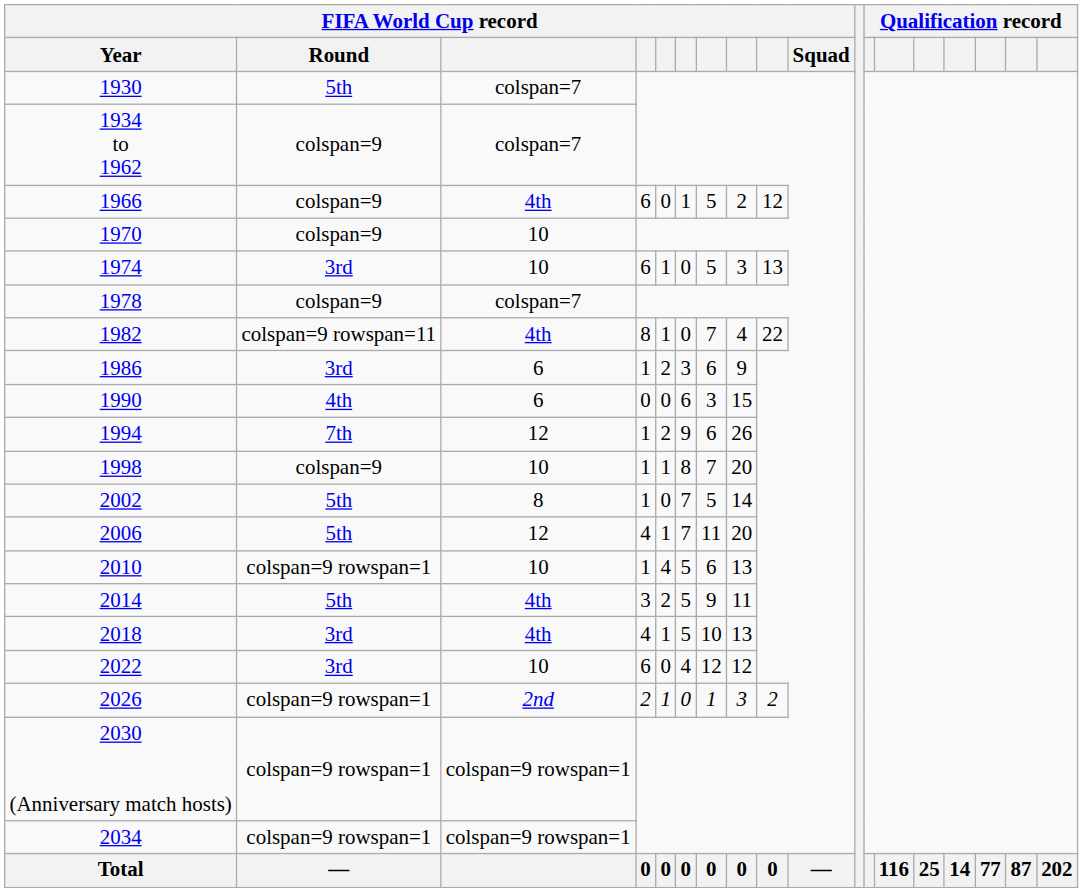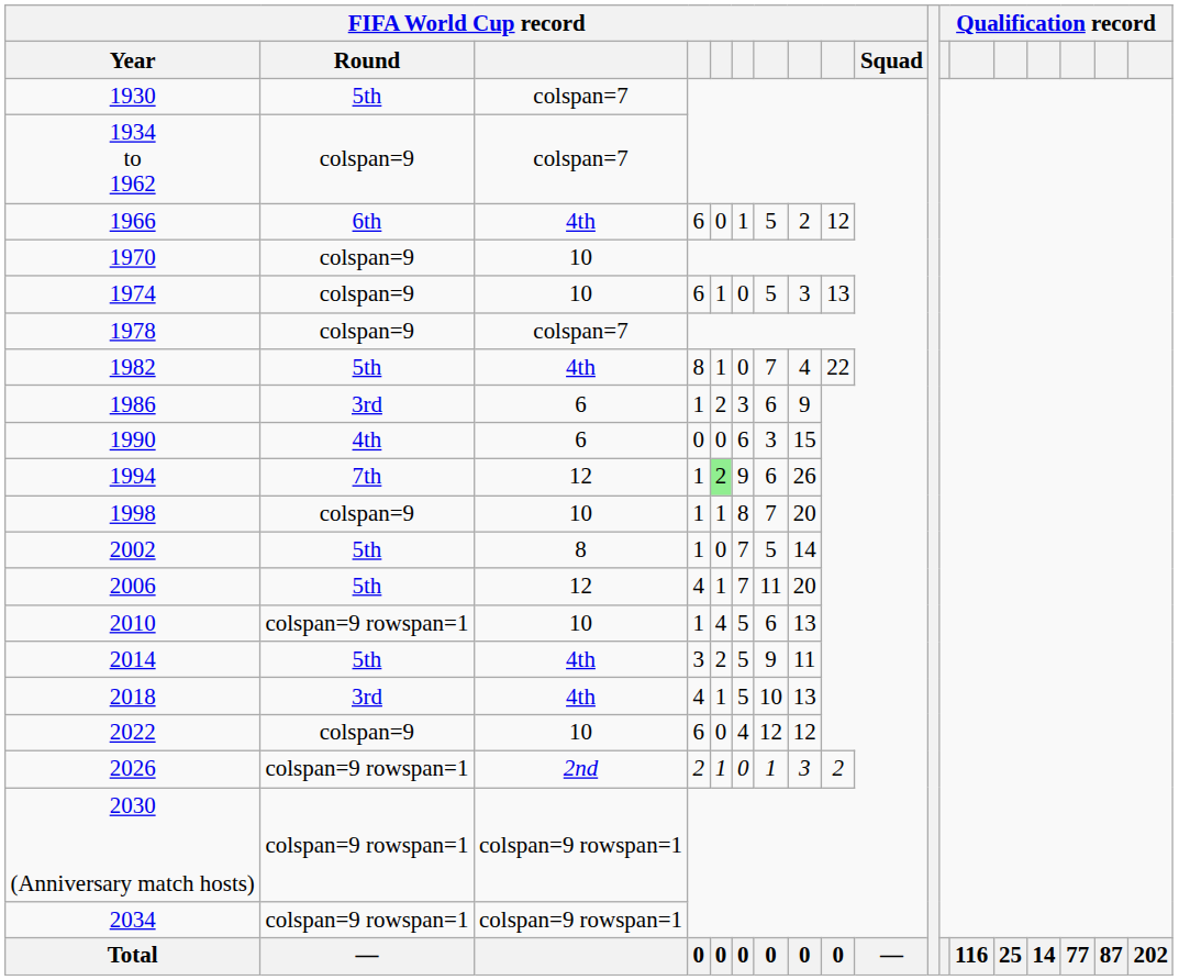 <table class="wikitable" style="text-align:center;">
 <tr>
 <th colspan=10><a href='#'>FIFA World Cup</a> record</th>
 <th rowspan=23></th>
 <th colspan=8><a href='#'>Qualification</a> record</th>
 </tr>
 <tr>
 <th>Year</th>
 <th>Round</th>
 <th></th>
 <th></th>
 <th></th>
 <th></th>
 <th></th>
 <th></th>
 <th></th>
 <th>Squad</th>
 <th></th>
 <th></th>
 <th></th>
 <th></th>
 <th></th>
 <th></th>
 <th></th>
 </tr>
 <tr>
 <td> <a href='#'>1930</a></td>
 <td><a href='#'>5th</a></td>
 <td>colspan=7 </td>
 </tr>
 <tr>
 <td><a href='#'>1934</a><br>to<br><a href='#'>1962</a></td>
 <td>colspan=9 </td>
 <td>colspan=7 </td>
 </tr>
 <tr>
 <td> <a href='#'>1966</a></td>
-<td>colspan=9 </td>
+<td><a href='#'>6th</a></td>
 <td><a href='#'>4th</a></td>
 <td>6</td>
 <td>0</td>
 <td>1</td>
 <td>5</td>
 <td>2</td>
 <td>12</td>
 </tr>
 <tr>
 <td> <a href='#'>1970</a></td>
 <td>colspan=9 </td>
 <td>10</td>
 </tr>
 <tr>
 <td> <a href='#'>1974</a></td>
-<td><a href='#'>3rd</a></td>
+<td>colspan=9 </td>
 <td>10</td>
 <td>6</td>
 <td>1</td>
 <td>0</td>
 <td>5</td>
 <td>3</td>
 <td>13</td>
 </tr>
 <tr>
 <td> <a href='#'>1978</a></td>
 <td>colspan=9 </td>
 <td>colspan=7 </td>
 </tr>
 <tr>
 <td> <a href='#'>1982</a></td>
-<td>colspan=9 rowspan=11 </td>
+<td><a href='#'>5th</a></td>
 <td><a href='#'>4th</a></td>
 <td>8</td>
 <td>1</td>
 <td>0</td>
 <td>7</td>
 <td>4</td>
 <td>22</td>
 </tr>
 <tr>
 <td> <a href='#'>1986</a></td>
 <td><a href='#'>3rd</a></td>
 <td>6</td>
 <td>1</td>
 <td>2</td>
 <td>3</td>
 <td>6</td>
 <td>9</td>
 </tr>
 <tr>
 <td> <a href='#'>1990</a></td>
 <td><a href='#'>4th</a></td>
 <td>6</td>
 <td>0</td>
 <td>0</td>
 <td>6</td>
 <td>3</td>
 <td>15</td>
 </tr>
 <tr>
 <td> <a href='#'>1994</a></td>
 <td><a href='#'>7th</a></td>
 <td>12</td>
 <td>1</td>
-<td>2</td>
+<td style="background: lightgreen;">2</td>
 <td>9</td>
 <td>6</td>
 <td>26</td>
 </tr>
 <tr>
 <td> <a href='#'>1998</a></td>
 <td>colspan=9 </td>
 <td>10</td>
 <td>1</td>
 <td>1</td>
 <td>8</td>
 <td>7</td>
 <td>20</td>
 </tr>
 <tr>
 <td>  <a href='#'>2002</a></td>
 <td><a href='#'>5th</a></td>
 <td>8</td>
 <td>1</td>
 <td>0</td>
 <td>7</td>
 <td>5</td>
 <td>14</td>
 </tr>
 <tr>
 <td> <a href='#'>2006</a></td>
 <td><a href='#'>5th</a></td>
 <td>12</td>
 <td>4</td>
 <td>1</td>
 <td>7</td>
 <td>11</td>
 <td>20</td>
 </tr>
 <tr>
 <td> <a href='#'>2010</a></td>
 <td>colspan=9 rowspan=1 </td>
 <td>10</td>
 <td>1</td>
 <td>4</td>
 <td>5</td>
 <td>6</td>
 <td>13</td>
 </tr>
 <tr>
 <td> <a href='#'>2014</a></td>
 <td><a href='#'>5th</a></td>
 <td><a href='#'>4th</a></td>
 <td>3</td>
 <td>2</td>
 <td>5</td>
 <td>9</td>
 <td>11</td>
 </tr>
 <tr>
 <td> <a href='#'>2018</a></td>
 <td><a href='#'>3rd</a></td>
 <td><a href='#'>4th</a></td>
 <td>4</td>
 <td>1</td>
 <td>5</td>
 <td>10</td>
 <td>13</td>
 </tr>
 <tr>
 <td> <a href='#'>2022</a></td>
-<td><a href='#'>3rd</a></td>
+<td>colspan=9 </td>
 <td>10</td>
 <td>6</td>
 <td>0</td>
 <td>4</td>
 <td>12</td>
 <td>12</td>
 </tr>
 <tr>
 <td>   <a href='#'>2026</a></td>
 <td>colspan=9 rowspan=1 </td>
 <td><em><a href='#'>2nd</a></em></td>
 <td><em>2</em></td>
 <td><em>1</em></td>
 <td><em>0</em></td>
 <td><em>1</em></td>
 <td><em>3</em></td>
 <td><em>2</em></td>
 </tr>
 <tr>
 <td> <a href='#'>2030</a><br><br><br>(Anniversary match hosts)</td>
 <td>colspan=9 rowspan=1 </td>
 <td>colspan=9 rowspan=1 </td>
 </tr>
 <tr>
 <td> <a href='#'>2034</a></td>
 <td>colspan=9 rowspan=1 </td>
 <td>colspan=9 rowspan=1 </td>
 </tr>
 <tr>
 <th>Total</th>
 <th>—</th>
 <th></th>
 <th>0</th>
 <th>0</th>
 <th>0</th>
 <th>0</th>
 <th>0</th>
 <th>0</th>
 <th>—</th>
 <th></th>
 <th>116</th>
 <th>25</th>
 <th>14</th>
 <th>77</th>
 <th>87</th>
 <th>202</th>
 </tr>
 </table>
